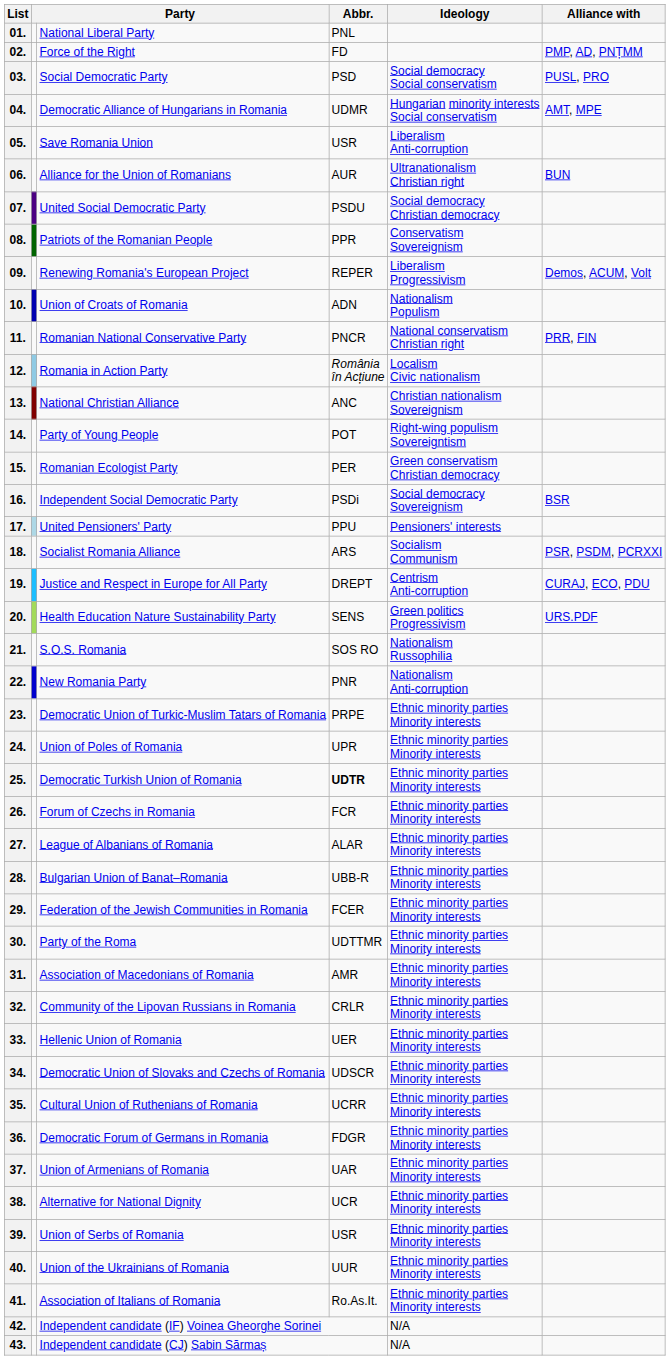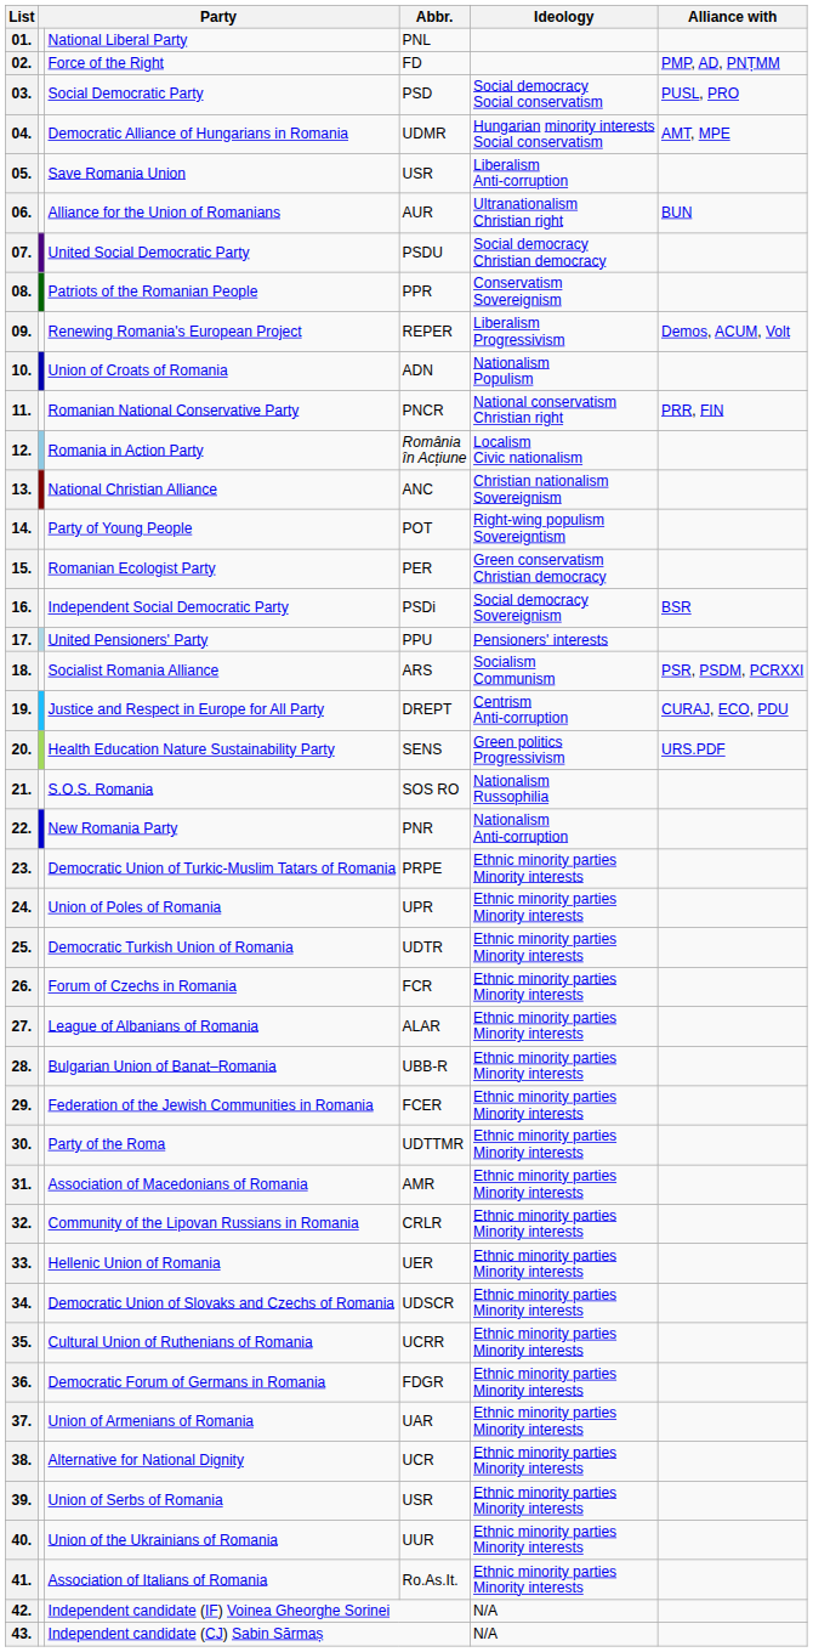 <table class="wikitable sortable">
 <tr>
 <th>List</th>
 <th colspan="2">Party</th>
 <th>Abbr.</th>
 <th>Ideology</th>
 <th>Alliance with</th>
 </tr>
 <tr>
 <th>01.</th>
 <td></td>
 <td><a href='#'>National Liberal Party</a></td>
 <td>PNL</td>
 <td></td>
 <td></td>
 </tr>
 <tr>
 <th>02.</th>
 <td></td>
 <td><a href='#'>Force of the Right</a></td>
 <td>FD</td>
 <td></td>
 <td><a href='#'>PMP</a>, <a href='#'>AD</a>, <a href='#'>PNȚMM</a></td>
 </tr>
 <tr>
 <th>03.</th>
 <td></td>
 <td><a href='#'>Social Democratic Party</a></td>
 <td>PSD</td>
 <td><a href='#'>Social democracy</a><br><a href='#'>Social conservatism</a></td>
 <td><a href='#'>PUSL</a>, <a href='#'>PRO</a></td>
 </tr>
 <tr>
 <th>04.</th>
 <td></td>
 <td><a href='#'>Democratic Alliance of Hungarians in Romania</a></td>
 <td>UDMR</td>
 <td><a href='#'>Hungarian</a> <a href='#'>minority interests</a><br><a href='#'>Social conservatism</a></td>
 <td><a href='#'>AMT</a>, <a href='#'>MPE</a></td>
 </tr>
 <tr>
 <th>05.</th>
 <td></td>
 <td><a href='#'>Save Romania Union</a></td>
 <td>USR</td>
 <td><a href='#'>Liberalism</a><br><a href='#'>Anti-corruption</a></td>
 <td></td>
 </tr>
 <tr>
 <th>06.</th>
 <td></td>
 <td><a href='#'>Alliance for the Union of Romanians</a></td>
 <td>AUR</td>
 <td><a href='#'>Ultranationalism</a><br><a href='#'>Christian right</a></td>
 <td><a href='#'>BUN</a></td>
 </tr>
 <tr>
 <th>07.</th>
 <td bgcolor="Indigo"></td>
 <td><a href='#'>United Social Democratic Party</a></td>
 <td>PSDU</td>
 <td><a href='#'>Social democracy</a><br><a href='#'>Christian democracy</a></td>
 <td></td>
 </tr>
 <tr>
 <th>08.</th>
 <td bgcolor="DarkGreen"></td>
 <td><a href='#'>Patriots of the Romanian People</a></td>
 <td>PPR</td>
 <td><a href='#'>Conservatism</a><br><a href='#'>Sovereignism</a></td>
 <td></td>
 </tr>
 <tr>
 <th>09.</th>
 <td></td>
 <td><a href='#'>Renewing Romania's European Project</a></td>
 <td>REPER</td>
 <td><a href='#'>Liberalism</a><br><a href='#'>Progressivism</a></td>
 <td><a href='#'>Demos</a>, <a href='#'>ACUM</a>, <a href='#'>Volt</a></td>
 </tr>
 <tr>
 <th>10.</th>
 <td bgcolor="MidnigthBlue"></td>
 <td><a href='#'>Union of Croats of Romania</a></td>
 <td>ADN</td>
 <td><a href='#'>Nationalism</a><br><a href='#'>Populism</a></td>
 <td></td>
 </tr>
 <tr>
 <th>11.</th>
 <td></td>
 <td><a href='#'>Romanian National Conservative Party</a></td>
 <td>PNCR</td>
 <td><a href='#'>National conservatism</a><br><a href='#'>Christian right</a></td>
 <td><a href='#'>PRR</a>, <a href='#'>FIN</a></td>
 </tr>
 <tr>
 <th>12.</th>
 <td bgcolor="#8ecae4"></td>
 <td><a href='#'>Romania in Action Party</a></td>
 <td><em>România<br>în Acțiune</em></td>
 <td><a href='#'>Localism</a><br><a href='#'>Civic nationalism</a></td>
 <td></td>
 </tr>
 <tr>
 <th>13.</th>
 <td bgcolor="Maroon"></td>
 <td><a href='#'>National Christian Alliance</a></td>
 <td>ANC</td>
 <td><a href='#'>Christian nationalism</a><br><a href='#'>Sovereignism</a></td>
 <td></td>
 </tr>
 <tr>
 <th>14.</th>
 <td></td>
 <td><a href='#'>Party of Young People</a></td>
 <td>POT</td>
 <td><a href='#'>Right-wing populism</a><br><a href='#'>Sovereigntism</a></td>
 <td></td>
 </tr>
 <tr>
 <th>15.</th>
 <td></td>
 <td><a href='#'>Romanian Ecologist Party</a></td>
 <td>PER</td>
 <td><a href='#'>Green conservatism</a><br><a href='#'>Christian democracy</a></td>
 <td></td>
 </tr>
 <tr>
 <th>16.</th>
 <td></td>
 <td><a href='#'>Independent Social Democratic Party</a></td>
 <td>PSDi</td>
 <td><a href='#'>Social democracy</a><br><a href='#'>Sovereignism</a></td>
 <td><a href='#'>BSR</a></td>
 </tr>
 <tr>
 <th>17.</th>
 <td bgcolor="LightBlue"></td>
 <td><a href='#'>United Pensioners' Party</a></td>
 <td>PPU</td>
 <td><a href='#'>Pensioners' interests</a></td>
 <td></td>
 </tr>
 <tr>
 <th>18.</th>
 <td></td>
 <td><a href='#'>Socialist Romania Alliance</a></td>
 <td>ARS</td>
 <td><a href='#'>Socialism</a><br><a href='#'>Communism</a></td>
 <td><a href='#'>PSR</a>, <a href='#'>PSDM</a>, <a href='#'>PCRXXI</a></td>
 </tr>
 <tr>
 <th>19.</th>
 <td bgcolor="#1bbeff"></td>
 <td><a href='#'>Justice and Respect in Europe for All Party</a></td>
 <td>DREPT</td>
 <td><a href='#'>Centrism</a><br><a href='#'>Anti-corruption</a></td>
 <td><a href='#'>CURAJ</a>, <a href='#'>ECO</a>, <a href='#'>PDU</a></td>
 </tr>
 <tr>
 <th>20.</th>
 <td bgcolor="#a2da5a"></td>
 <td><a href='#'>Health Education Nature Sustainability Party</a></td>
 <td>SENS</td>
 <td><a href='#'>Green politics</a><br><a href='#'>Progressivism</a></td>
 <td><a href='#'>URS.PDF</a></td>
 </tr>
 <tr>
 <th>21.</th>
 <td></td>
 <td><a href='#'>S.O.S. Romania</a></td>
 <td>SOS RO</td>
 <td><a href='#'>Nationalism</a><br><a href='#'>Russophilia</a></td>
 <td></td>
 </tr>
 <tr>
 <th>22.</th>
 <td bgcolor="MediumBlue"></td>
 <td><a href='#'>New Romania Party</a></td>
 <td>PNR</td>
 <td><a href='#'>Nationalism</a><br><a href='#'>Anti-corruption</a></td>
 <td></td>
 </tr>
 <tr>
 <th>23.</th>
 <td></td>
 <td><a href='#'>Democratic Union of Turkic-Muslim Tatars of Romania</a></td>
 <td>PRPE</td>
 <td><a href='#'>Ethnic minority parties</a><br><a href='#'>Minority interests</a></td>
 <td></td>
 </tr>
 <tr>
 <th>24.</th>
 <td></td>
 <td><a href='#'>Union of Poles of Romania</a></td>
 <td>UPR</td>
 <td><a href='#'>Ethnic minority parties</a><br><a href='#'>Minority interests</a></td>
 <td></td>
 </tr>
 <tr>
 <th>25.</th>
 <td></td>
 <td><a href='#'>Democratic Turkish Union of Romania</a></td>
-<td><strong>UDTR</strong></td>
+<td>UDTR</td>
 <td><a href='#'>Ethnic minority parties</a><br><a href='#'>Minority interests</a></td>
 <td></td>
 </tr>
 <tr>
 <th>26.</th>
 <td></td>
 <td><a href='#'>Forum of Czechs in Romania</a></td>
 <td>FCR</td>
 <td><a href='#'>Ethnic minority parties</a><br><a href='#'>Minority interests</a></td>
 <td></td>
 </tr>
 <tr>
 <th>27.</th>
 <td></td>
 <td><a href='#'>League of Albanians of Romania</a></td>
 <td>ALAR</td>
 <td><a href='#'>Ethnic minority parties</a><br><a href='#'>Minority interests</a></td>
 <td></td>
 </tr>
 <tr>
 <th>28.</th>
 <td></td>
 <td><a href='#'>Bulgarian Union of Banat–Romania</a></td>
 <td>UBB-R</td>
 <td><a href='#'>Ethnic minority parties</a><br><a href='#'>Minority interests</a></td>
 <td></td>
 </tr>
 <tr>
 <th>29.</th>
 <td></td>
 <td><a href='#'>Federation of the Jewish Communities in Romania</a></td>
 <td>FCER</td>
 <td><a href='#'>Ethnic minority parties</a><br><a href='#'>Minority interests</a></td>
 <td></td>
 </tr>
 <tr>
 <th>30.</th>
 <td></td>
 <td><a href='#'>Party of the Roma</a></td>
 <td>UDTTMR</td>
 <td><a href='#'>Ethnic minority parties</a><br><a href='#'>Minority interests</a></td>
 <td></td>
 </tr>
 <tr>
 <th>31.</th>
 <td></td>
 <td><a href='#'>Association of Macedonians of Romania</a></td>
 <td>AMR</td>
 <td><a href='#'>Ethnic minority parties</a><br><a href='#'>Minority interests</a></td>
 <td></td>
 </tr>
 <tr>
 <th>32.</th>
 <td></td>
 <td><a href='#'>Community of the Lipovan Russians in Romania</a></td>
 <td>CRLR</td>
 <td><a href='#'>Ethnic minority parties</a><br><a href='#'>Minority interests</a></td>
 <td></td>
 </tr>
 <tr>
 <th>33.</th>
 <td></td>
 <td><a href='#'>Hellenic Union of Romania</a></td>
 <td>UER</td>
 <td><a href='#'>Ethnic minority parties</a><br><a href='#'>Minority interests</a></td>
 <td></td>
 </tr>
 <tr>
 <th>34.</th>
 <td></td>
 <td><a href='#'>Democratic Union of Slovaks and Czechs of Romania</a></td>
 <td>UDSCR</td>
 <td><a href='#'>Ethnic minority parties</a><br><a href='#'>Minority interests</a></td>
 <td></td>
 </tr>
 <tr>
 <th>35.</th>
 <td></td>
 <td><a href='#'>Cultural Union of Ruthenians of Romania</a></td>
 <td>UCRR</td>
 <td><a href='#'>Ethnic minority parties</a><br><a href='#'>Minority interests</a></td>
 <td></td>
 </tr>
 <tr>
 <th>36.</th>
 <td></td>
 <td><a href='#'>Democratic Forum of Germans in Romania</a></td>
 <td>FDGR</td>
 <td><a href='#'>Ethnic minority parties</a><br><a href='#'>Minority interests</a></td>
 <td></td>
 </tr>
 <tr>
 <th>37.</th>
 <td></td>
 <td><a href='#'>Union of Armenians of Romania</a></td>
 <td>UAR</td>
 <td><a href='#'>Ethnic minority parties</a><br><a href='#'>Minority interests</a></td>
 <td></td>
 </tr>
 <tr>
 <th>38.</th>
 <td></td>
 <td><a href='#'>Alternative for National Dignity</a></td>
 <td>UCR</td>
 <td><a href='#'>Ethnic minority parties</a><br><a href='#'>Minority interests</a></td>
 <td></td>
 </tr>
 <tr>
 <th>39.</th>
 <td></td>
 <td><a href='#'>Union of Serbs of Romania</a></td>
 <td>USR</td>
 <td><a href='#'>Ethnic minority parties</a><br><a href='#'>Minority interests</a></td>
 <td></td>
 </tr>
 <tr>
 <th>40.</th>
 <td></td>
 <td><a href='#'>Union of the Ukrainians of Romania</a></td>
 <td>UUR</td>
 <td><a href='#'>Ethnic minority parties</a><br><a href='#'>Minority interests</a></td>
 <td></td>
 </tr>
 <tr>
 <th>41.</th>
 <td></td>
 <td><a href='#'>Association of Italians of Romania</a></td>
 <td>Ro.As.It.</td>
 <td><a href='#'>Ethnic minority parties</a><br><a href='#'>Minority interests</a></td>
 <td></td>
 </tr>
 <tr>
 <th>42.</th>
 <td></td>
 <td colspan="2"><a href='#'>Independent candidate</a> (<a href='#'>IF</a>) <a href='#'>Voinea Gheorghe Sorinei</a></td>
 <td>N/A</td>
 <td></td>
 </tr>
 <tr>
 <th>43.</th>
 <td></td>
 <td colspan="2"><a href='#'>Independent candidate</a> (<a href='#'>CJ</a>) <a href='#'>Sabin Sărmaș</a></td>
 <td>N/A</td>
 <td></td>
 </tr>
 </table>
